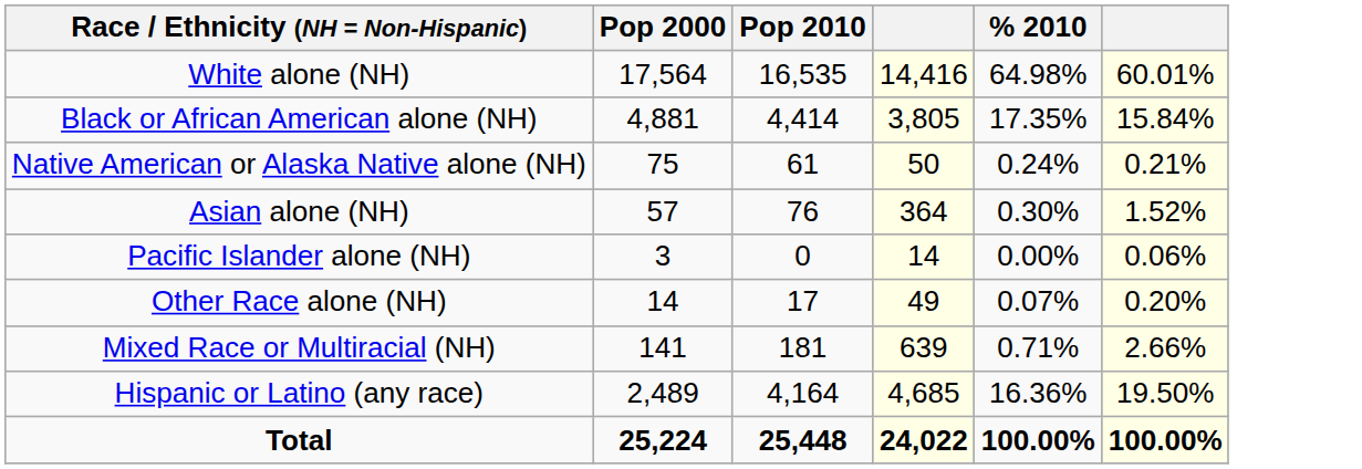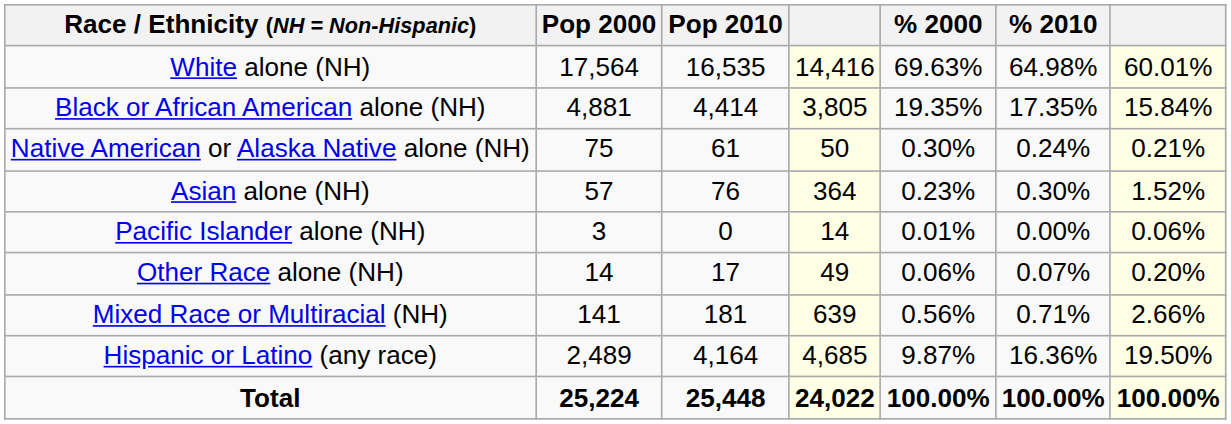 <table class="wikitable" style="text-align:center;">
 <tr>
 <th>Race / Ethnicity <small>(<em>NH = Non-Hispanic</em>)</small></th>
 <th>Pop 2000</th>
 <th>Pop 2010</th>
 <th></th>
+<th>% 2000</th>
 <th>% 2010</th>
 <th></th>
 </tr>
 <tr>
 <td><a href='#'>White</a> alone (NH)</td>
 <td>17,564</td>
 <td>16,535</td>
 <td style='background: #ffffe6;'>14,416</td>
+<td>69.63%</td>
 <td>64.98%</td>
 <td style='background: #ffffe6;'>60.01%</td>
 </tr>
 <tr>
 <td><a href='#'>Black or African American</a> alone (NH)</td>
 <td>4,881</td>
 <td>4,414</td>
 <td style='background: #ffffe6;'>3,805</td>
+<td>19.35%</td>
 <td>17.35%</td>
 <td style='background: #ffffe6;'>15.84%</td>
 </tr>
 <tr>
 <td><a href='#'>Native American</a> or <a href='#'>Alaska Native</a> alone (NH)</td>
 <td>75</td>
 <td>61</td>
 <td style='background: #ffffe6;'>50</td>
+<td>0.30%</td>
 <td>0.24%</td>
 <td style='background: #ffffe6;'>0.21%</td>
 </tr>
 <tr>
 <td><a href='#'>Asian</a> alone (NH)</td>
 <td>57</td>
 <td>76</td>
 <td style='background: #ffffe6;'>364</td>
+<td>0.23%</td>
 <td>0.30%</td>
 <td style='background: #ffffe6;'>1.52%</td>
 </tr>
 <tr>
 <td><a href='#'>Pacific Islander</a> alone (NH)</td>
 <td>3</td>
 <td>0</td>
 <td style='background: #ffffe6;'>14</td>
+<td>0.01%</td>
 <td>0.00%</td>
 <td style='background: #ffffe6;'>0.06%</td>
 </tr>
 <tr>
 <td><a href='#'>Other Race</a> alone (NH)</td>
 <td>14</td>
 <td>17</td>
 <td style='background: #ffffe6;'>49</td>
+<td>0.06%</td>
 <td>0.07%</td>
 <td style='background: #ffffe6;'>0.20%</td>
 </tr>
 <tr>
 <td><a href='#'>Mixed Race or Multiracial</a> (NH)</td>
 <td>141</td>
 <td>181</td>
 <td style='background: #ffffe6;'>639</td>
+<td>0.56%</td>
 <td>0.71%</td>
 <td style='background: #ffffe6;'>2.66%</td>
 </tr>
 <tr>
 <td><a href='#'>Hispanic or Latino</a> (any race)</td>
 <td>2,489</td>
 <td>4,164</td>
 <td style='background: #ffffe6;'>4,685</td>
+<td>9.87%</td>
 <td>16.36%</td>
 <td style='background: #ffffe6;'>19.50%</td>
 </tr>
 <tr>
 <td><strong>Total</strong></td>
 <td><strong>25,224</strong></td>
 <td><strong>25,448</strong></td>
 <td style='background: #ffffe6;'><strong>24,022</strong></td>
 <td><strong>100.00%</strong></td>
+<td><strong>100.00%</strong></td>
 <td style='background: #ffffe6;'><strong>100.00%</strong></td>
 </tr>
 </table>
